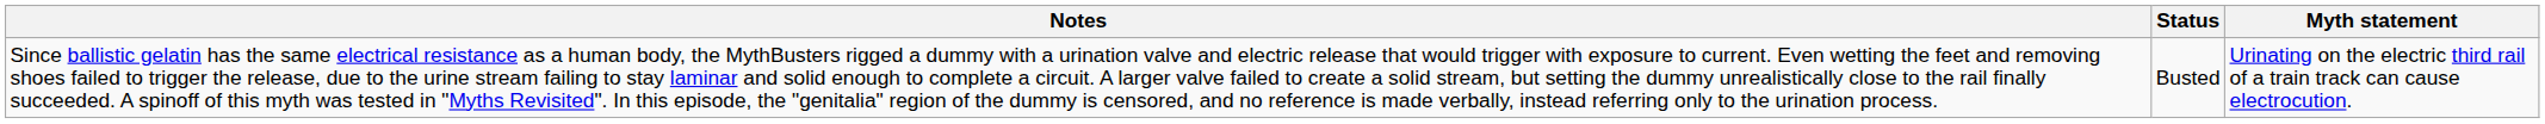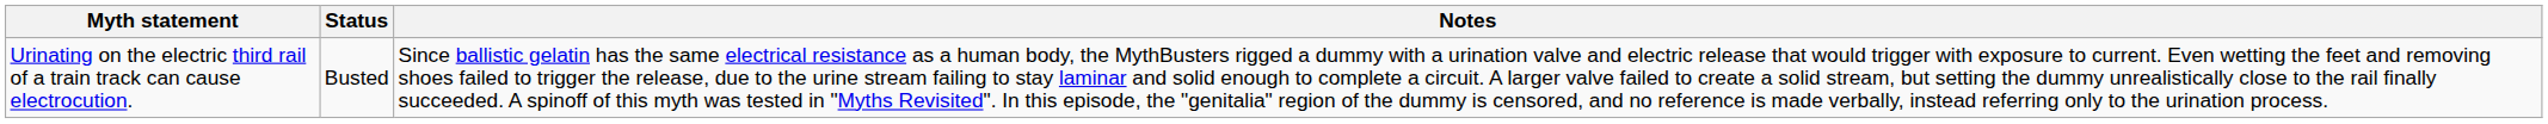 <table class="wikitable">
 <tr>
+<th>Myth statement</th>
+<th>Status</th>
 <th>Notes</th>
-<th>Status</th>
-<th>Myth statement</th>
 </tr>
 <tr>
+<td><a href='#'>Urinating</a> on the electric <a href='#'>third rail</a> of a train track can cause <a href='#'>electrocution</a>.</td>
+<td><span>Busted</span></td>
 <td>Since <a href='#'>ballistic gelatin</a> has the same <a href='#'>electrical resistance</a> as a human body, the MythBusters rigged a dummy with a urination valve and electric release that would trigger with exposure to current. Even wetting the feet and removing shoes failed to trigger the release, due to the urine stream failing to stay <a href='#'>laminar</a> and solid enough to complete a circuit. A larger valve failed to create a solid stream, but setting the dummy unrealistically close to the rail finally succeeded. A spinoff of this myth was tested in "<a href='#'>Myths Revisited</a>". In this episode, the "genitalia" region of the dummy is censored, and no reference is made verbally, instead referring only to the urination process.</td>
-<td><span>Busted</span></td>
-<td><a href='#'>Urinating</a> on the electric <a href='#'>third rail</a> of a train track can cause <a href='#'>electrocution</a>.</td>
 </tr>
 </table>
